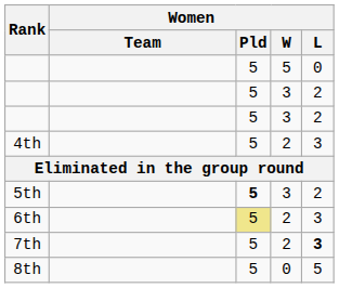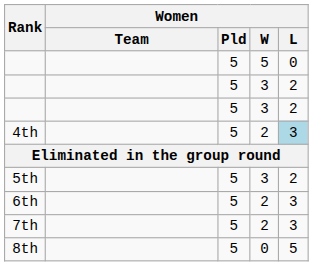 <table class=wikitable>
 <tr>
 <th rowspan=2>Rank</th>
 <th colspan=4>Women</th>
 </tr>
 <tr>
 <th width=150px>Team</th>
 <th width=20px>Pld</th>
 <th width=20px>W</th>
 <th width=20px>L</th>
 </tr>
 <tr align=center>
 <td></td>
 <td align=left></td>
 <td>5</td>
 <td>5</td>
 <td>0</td>
 </tr>
 <tr align=center>
 <td></td>
 <td align=left></td>
 <td>5</td>
 <td>3</td>
 <td>2</td>
 </tr>
 <tr align=center>
 <td></td>
 <td align=left></td>
 <td>5</td>
 <td>3</td>
 <td>2</td>
 </tr>
 <tr align=center>
 <td>4th</td>
 <td align=left></td>
 <td>5</td>
 <td>2</td>
-<td>3</td>
+<td style="background: lightblue;">3</td>
 </tr>
 <tr>
 <th colspan=5>Eliminated in the group round</th>
 </tr>
 <tr align=center>
 <td>5th</td>
 <td align=left></td>
-<td><strong>5</strong></td>
+<td>5</td>
 <td>3</td>
 <td>2</td>
 </tr>
 <tr align=center>
 <td>6th</td>
 <td align=left></td>
-<td style="background: khaki;">5</td>
+<td>5</td>
 <td>2</td>
 <td>3</td>
 </tr>
 <tr align=center>
 <td>7th</td>
 <td align=left></td>
 <td>5</td>
 <td>2</td>
-<td><strong>3</strong></td>
+<td>3</td>
 </tr>
 <tr align=center>
 <td>8th</td>
 <td align=left></td>
 <td>5</td>
 <td>0</td>
 <td>5</td>
 </tr>
 </table>
